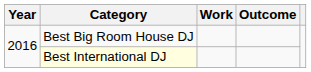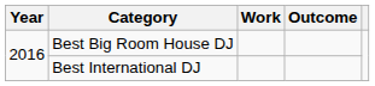 <table class="wikitable">
 <tr>
 <th>Year</th>
 <th>Category</th>
 <th>Work</th>
 <th>Outcome</th>
 <th></th>
 </tr>
 <tr>
 <td rowspan="2">2016</td>
 <td>Best Big Room House DJ</td>
 <td></td>
 <td></td>
 <td rowspan="2"></td>
 </tr>
 <tr>
-<td style="background: lightyellow;">Best International DJ</td>
+<td>Best International DJ</td>
 <td></td>
 <td></td>
 </tr>
 </table>
